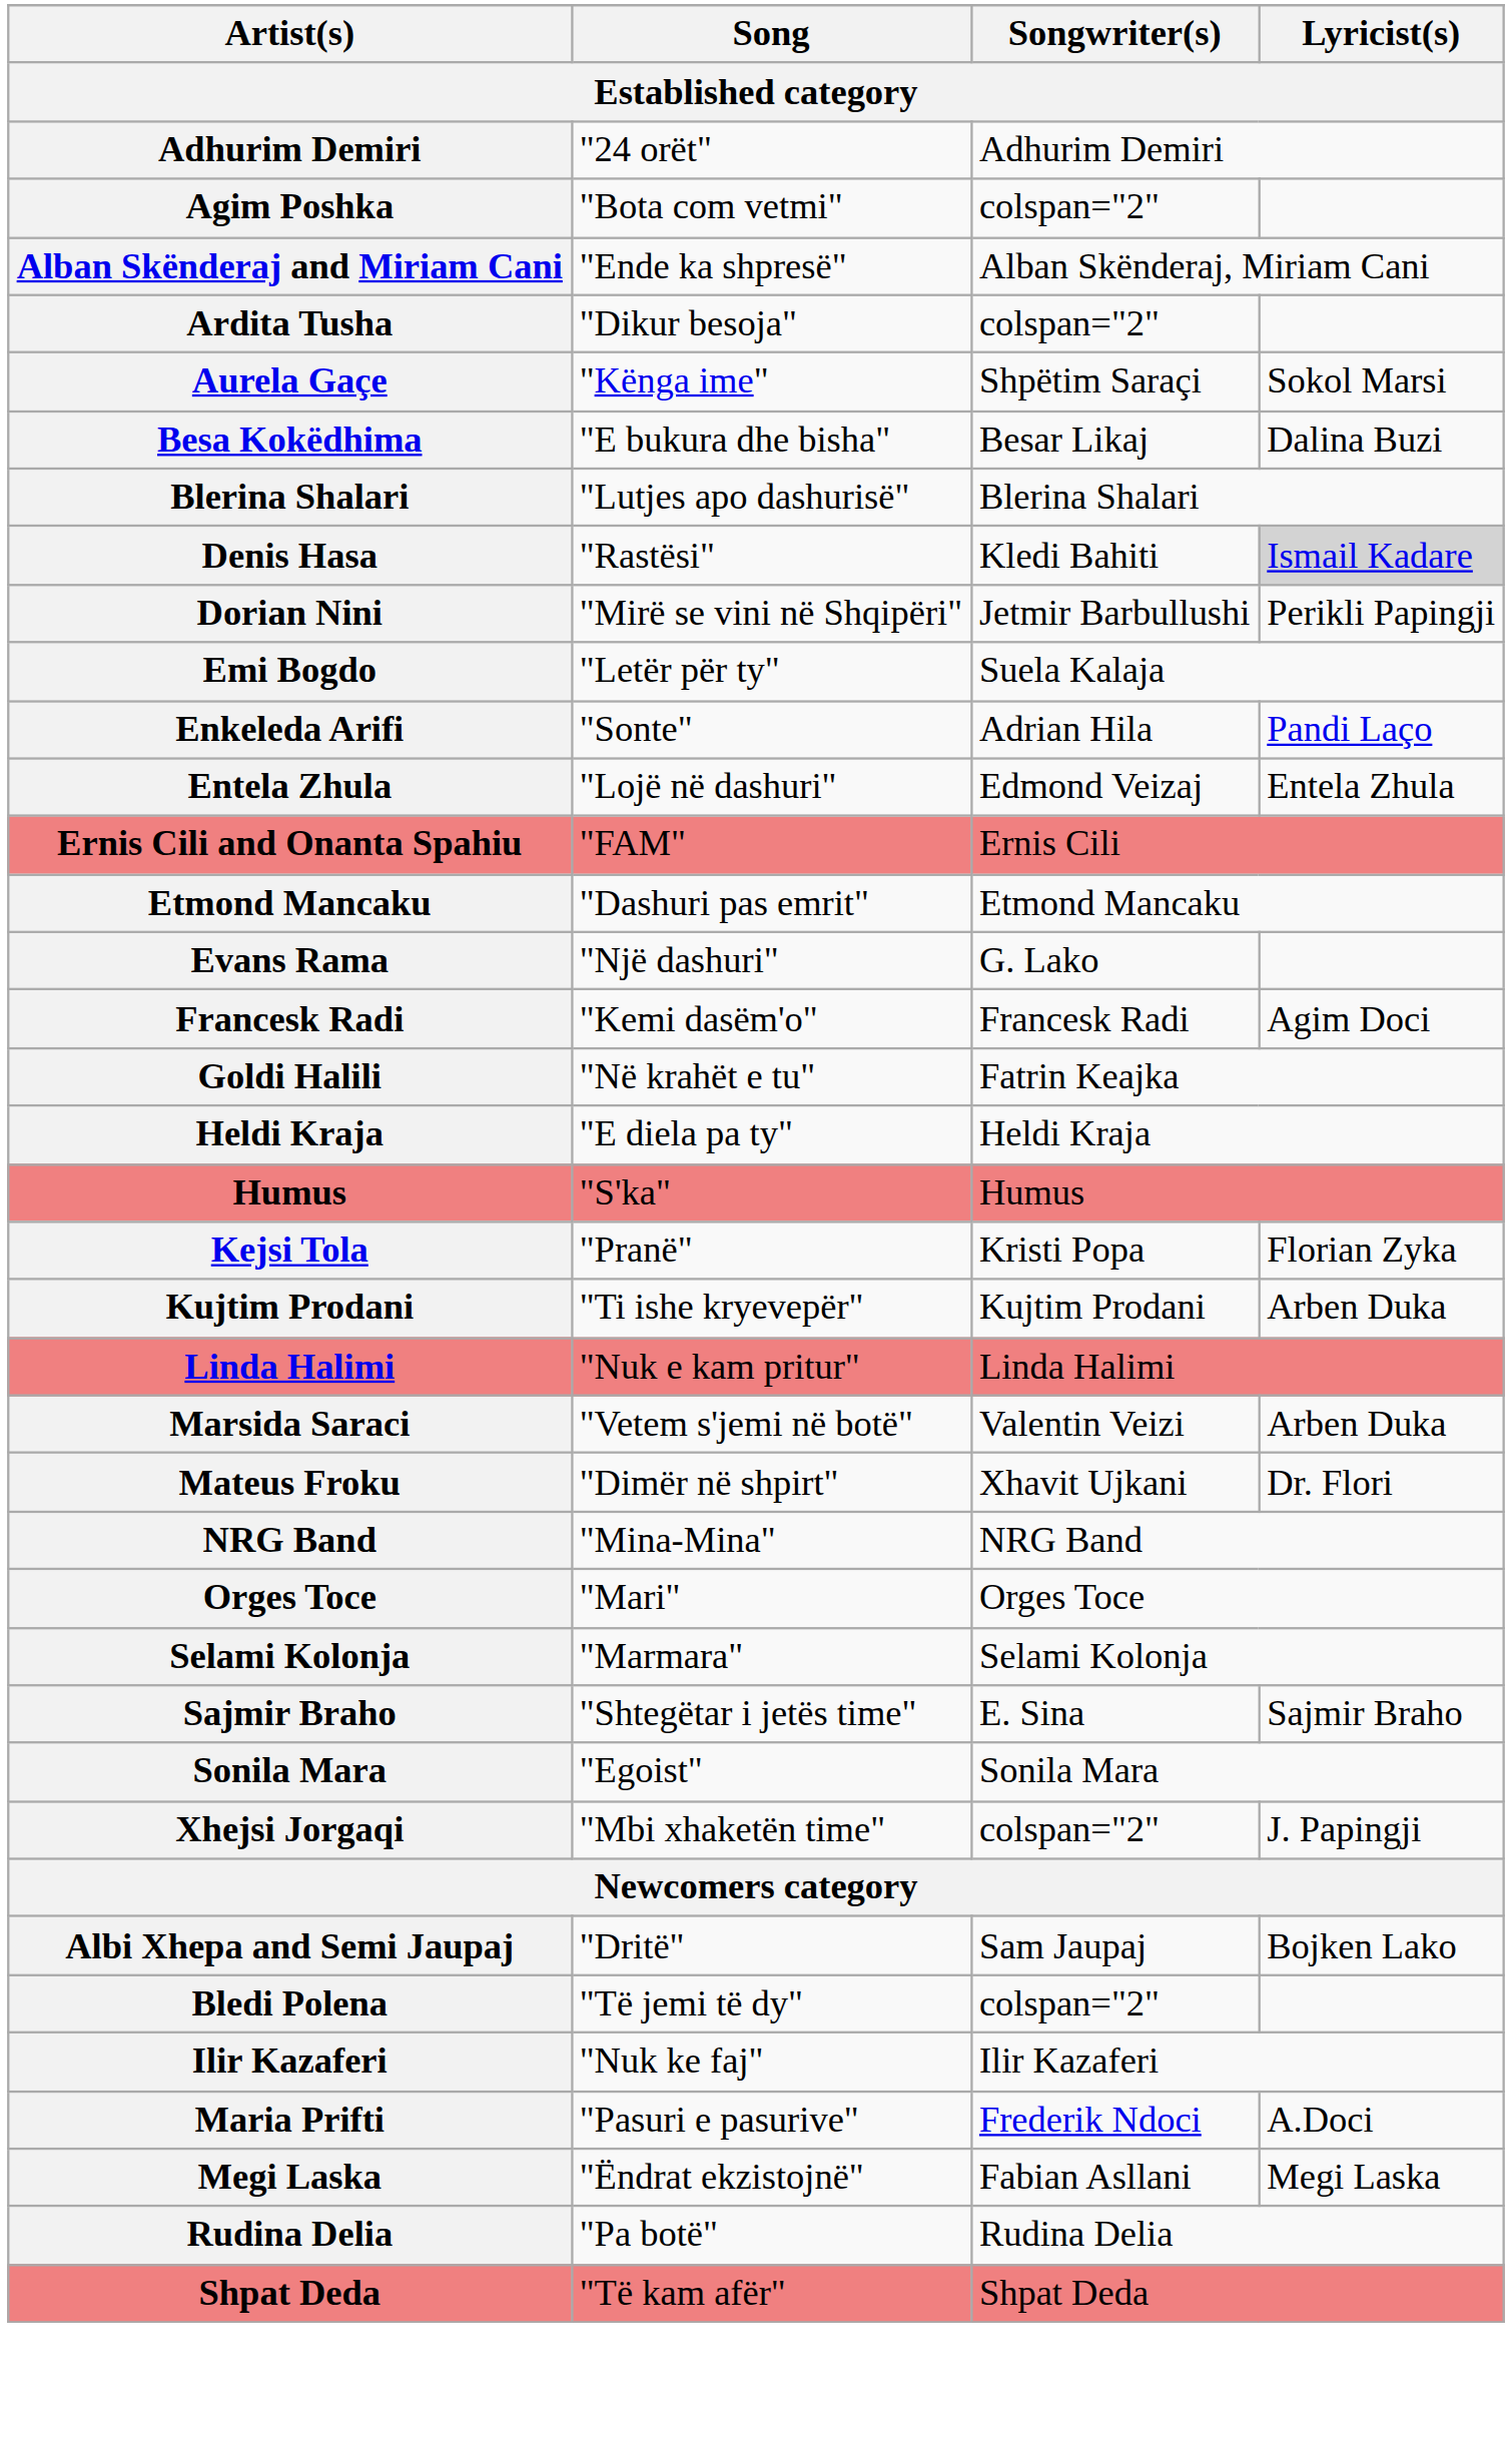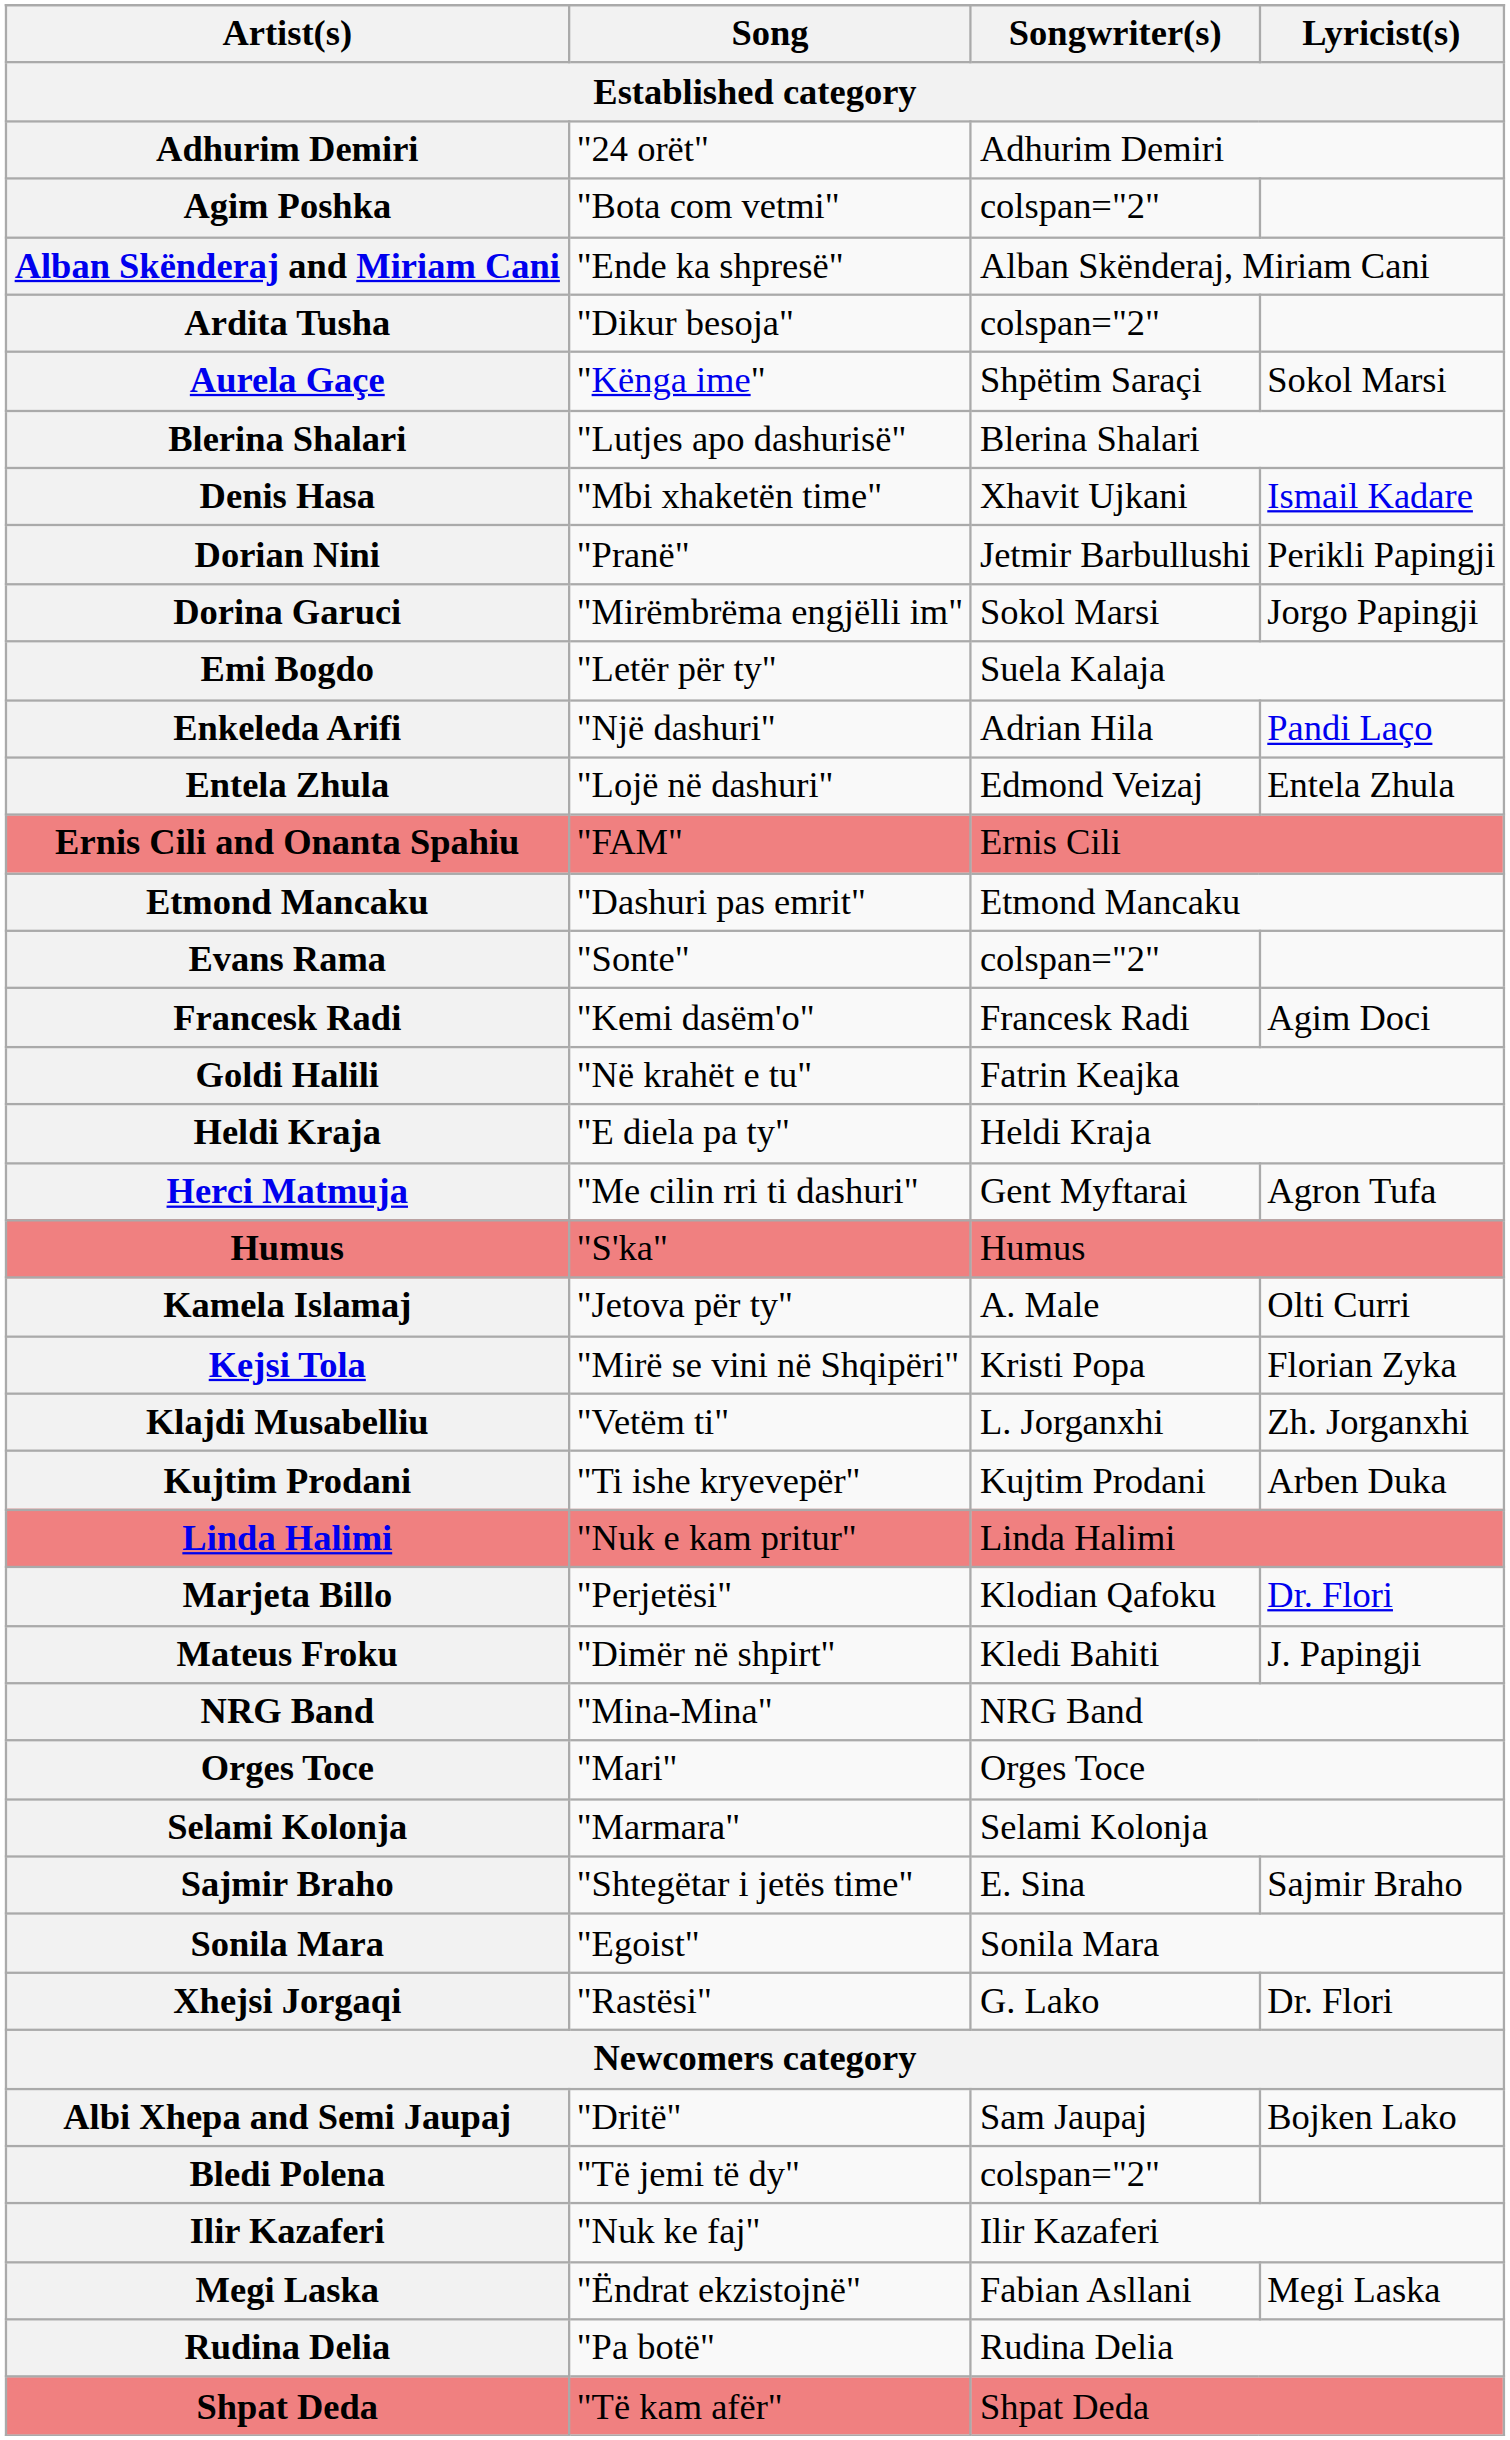 <table class="wikitable sortable plainrowheaders" style="margin: 1em auto 1em auto">
 <tr>
 </tr>
 <tr>
 <th scope="col">Artist(s)</th>
 <th scope="col">Song</th>
 <th scope="col">Songwriter(s)</th>
 <th scope="col">Lyricist(s)</th>
 </tr>
 <tr>
 <th colspan="4">Established category</th>
 </tr>
 <tr>
 <th scope="row">Adhurim Demiri</th>
 <td>"24 orët"</td>
 <td colspan="2">Adhurim Demiri</td>
 </tr>
 <tr>
 <th scope="row">Agim Poshka</th>
 <td>"Bota com vetmi"</td>
 <td>colspan="2" </td>
 </tr>
 <tr>
 <th scope="row"><a href='#'>Alban Skënderaj</a> and <a href='#'>Miriam Cani</a></th>
 <td>"Ende ka shpresë"</td>
 <td colspan="2">Alban Skënderaj, Miriam Cani</td>
 </tr>
 <tr>
 <th scope="row">Ardita Tusha</th>
 <td>"Dikur besoja"</td>
 <td>colspan="2" </td>
 </tr>
 <tr>
 <th scope="row"><a href='#'>Aurela Gaçe</a></th>
 <td>"<a href='#'>Kënga ime</a>"</td>
 <td>Shpëtim Saraçi</td>
 <td>Sokol Marsi</td>
 </tr>
 <tr>
-<th scope="row"><a href='#'>Besa Kokëdhima</a></th>
-<td>"E bukura dhe bisha"</td>
-<td>Besar Likaj</td>
-<td>Dalina Buzi</td>
-</tr>
-<tr>
 <th scope="row">Blerina Shalari</th>
 <td>"Lutjes apo dashurisë"</td>
 <td colspan="2">Blerina Shalari</td>
 </tr>
 <tr>
 <th scope="row">Denis Hasa</th>
-<td>"Rastësi"</td>
-<td>Kledi Bahiti</td>
-<td style="background: lightgrey;"><a href='#'>Ismail Kadare</a></td>
+<td>"Mbi xhaketën time"</td>
+<td>Xhavit Ujkani</td>
+<td><a href='#'>Ismail Kadare</a></td>
 </tr>
 <tr>
 <th scope="row">Dorian Nini</th>
-<td>"Mirë se vini në Shqipëri"</td>
+<td>"Pranë"</td>
 <td>Jetmir Barbullushi</td>
 <td>Perikli Papingji</td>
+</tr>
+<tr>
+<th scope="row">Dorina Garuci</th>
+<td>"Mirëmbrëma engjëlli im"</td>
+<td>Sokol Marsi</td>
+<td>Jorgo Papingji</td>
 </tr>
 <tr>
 <th scope="row">Emi Bogdo</th>
 <td>"Letër për ty"</td>
 <td colspan="2">Suela Kalaja</td>
 </tr>
 <tr>
 <th scope="row">Enkeleda Arifi</th>
-<td>"Sonte"</td>
+<td>"Një dashuri"</td>
 <td>Adrian Hila</td>
 <td><a href='#'>Pandi Laço</a></td>
 </tr>
 <tr>
 <th scope="row">Entela Zhula</th>
 <td>"Lojë në dashuri"</td>
 <td>Edmond Veizaj</td>
 <td>Entela Zhula</td>
 </tr>
 <tr style="background:#F08080">
 <th scope="row" style="background:#F08080">Ernis Cili and Onanta Spahiu</th>
 <td>"FAM"</td>
 <td colspan="2">Ernis Cili</td>
 </tr>
 <tr>
 <th scope="row">Etmond Mancaku</th>
 <td>"Dashuri pas emrit"</td>
 <td colspan="2">Etmond Mancaku</td>
 </tr>
 <tr>
 <th scope="row">Evans Rama</th>
-<td>"Një dashuri"</td>
-<td>G. Lako</td>
+<td>"Sonte"</td>
+<td>colspan="2" </td>
 </tr>
 <tr>
 <th scope="row">Francesk Radi</th>
 <td>"Kemi dasëm'o"</td>
 <td>Francesk Radi</td>
 <td>Agim Doci</td>
 </tr>
 <tr>
 <th scope="row">Goldi Halili</th>
 <td>"Në krahët e tu"</td>
 <td colspan="2">Fatrin Keajka</td>
 </tr>
 <tr>
 <th scope="row">Heldi Kraja</th>
 <td>"E diela pa ty"</td>
 <td colspan="2">Heldi Kraja</td>
 </tr>
+<tr>
+<th scope="row"><a href='#'>Herci Matmuja</a></th>
+<td>"Me cilin rri ti dashuri"</td>
+<td>Gent Myftarai</td>
+<td>Agron Tufa</td>
+</tr>
 <tr style="background:#F08080">
 <th scope="row" style="background:#F08080">Humus</th>
 <td>"S'ka"</td>
 <td colspan="2">Humus</td>
 </tr>
 <tr>
+<th scope="row">Kamela Islamaj</th>
+<td>"Jetova për ty"</td>
+<td>A. Male</td>
+<td>Olti Curri</td>
+</tr>
+<tr>
 <th scope="row"><a href='#'>Kejsi Tola</a></th>
-<td>"Pranë"</td>
+<td>"Mirë se vini në Shqipëri"</td>
 <td>Kristi Popa</td>
 <td>Florian Zyka</td>
+</tr>
+<tr>
+<th scope="row">Klajdi Musabelliu</th>
+<td>"Vetëm ti"</td>
+<td>L. Jorganxhi</td>
+<td>Zh. Jorganxhi</td>
 </tr>
 <tr>
 <th scope="row">Kujtim Prodani</th>
 <td>"Ti ishe kryevepër"</td>
 <td>Kujtim Prodani</td>
 <td>Arben Duka</td>
 </tr>
 <tr style="background:#F08080">
 <th scope="row" style="background:#F08080"><a href='#'>Linda Halimi</a></th>
 <td>"Nuk e kam pritur"</td>
 <td colspan="2">Linda Halimi</td>
 </tr>
 <tr>
-<th scope="row">Marsida Saraci</th>
-<td>"Vetem s'jemi në botë"</td>
-<td>Valentin Veizi</td>
-<td>Arben Duka</td>
+<th scope="row">Marjeta Billo</th>
+<td>"Perjetësi"</td>
+<td>Klodian Qafoku</td>
+<td><a href='#'>Dr. Flori</a></td>
 </tr>
 <tr>
 <th scope="row">Mateus Froku</th>
 <td>"Dimër në shpirt"</td>
-<td>Xhavit Ujkani</td>
-<td>Dr. Flori</td>
+<td>Kledi Bahiti</td>
+<td>J. Papingji</td>
 </tr>
 <tr>
 <th scope="row">NRG Band</th>
 <td>"Mina-Mina"</td>
 <td colspan="2">NRG Band</td>
 </tr>
 <tr>
 <th scope="row">Orges Toce</th>
 <td>"Mari"</td>
 <td colspan="2">Orges Toce</td>
 </tr>
 <tr>
 <th scope="row">Selami Kolonja</th>
 <td>"Marmara"</td>
 <td colspan="2">Selami Kolonja</td>
 </tr>
 <tr>
 <th scope="row">Sajmir Braho</th>
 <td>"Shtegëtar i jetës time"</td>
 <td>E. Sina</td>
 <td>Sajmir Braho</td>
 </tr>
 <tr>
 <th scope="row">Sonila Mara</th>
 <td>"Egoist"</td>
 <td colspan="2">Sonila Mara</td>
 </tr>
 <tr>
 <th scope="row">Xhejsi Jorgaqi</th>
-<td>"Mbi xhaketën time"</td>
-<td>colspan="2" </td>
-<td>J. Papingji</td>
+<td>"Rastësi"</td>
+<td>G. Lako</td>
+<td>Dr. Flori</td>
 </tr>
 <tr>
 <th colspan="4">Newcomers category</th>
 </tr>
 <tr>
 <th scope="row">Albi Xhepa and Semi Jaupaj</th>
 <td>"Dritë"</td>
 <td>Sam Jaupaj</td>
 <td>Bojken Lako</td>
 </tr>
 <tr>
 <th scope="row">Bledi Polena</th>
 <td>"Të jemi të dy"</td>
 <td>colspan="2" </td>
 </tr>
 <tr>
 <th scope="row">Ilir Kazaferi</th>
 <td>"Nuk ke faj"</td>
 <td colspan="2">Ilir Kazaferi</td>
 </tr>
 <tr>
-<th scope="row">Maria Prifti</th>
-<td>"Pasuri e pasurive"</td>
-<td><a href='#'>Frederik Ndoci</a></td>
-<td>A.Doci</td>
-</tr>
-<tr>
 <th scope="row">Megi Laska</th>
 <td>"Ëndrat ekzistojnë"</td>
 <td>Fabian Asllani</td>
 <td>Megi Laska</td>
 </tr>
 <tr>
 <th scope="row">Rudina Delia</th>
 <td>"Pa botë"</td>
 <td colspan="2">Rudina Delia</td>
 </tr>
 <tr style="background:#F08080">
 <th scope="row" style="background:#F08080">Shpat Deda</th>
 <td>"Të kam afër"</td>
 <td colspan="2">Shpat Deda</td>
 </tr>
 </table>
